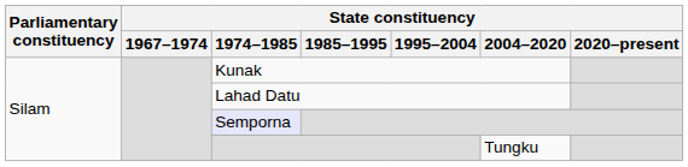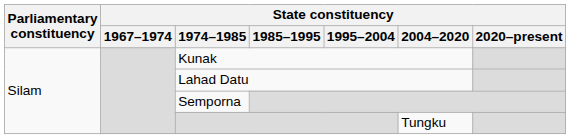 <table class=wikitable>
 <tr>
 <th rowspan=2>Parliamentary<br>constituency</th>
 <th colspan=6>State constituency</th>
 </tr>
 <tr>
 <th>1967–1974</th>
 <th>1974–1985</th>
 <th>1985–1995</th>
 <th>1995–2004</th>
 <th>2004–2020</th>
 <th>2020–present</th>
 </tr>
 <tr>
 <td rowspan="4">Silam</td>
 <td rowspan="4" bgcolor="dcdcdc"></td>
 <td colspan="4">Kunak</td>
 <td colspan=1 bgcolor=dcdcdc></td>
 </tr>
 <tr>
 <td colspan=4>Lahad Datu</td>
 <td bgcolor="dcdcdc"></td>
 </tr>
 <tr>
-<td style="background: lavender;">Semporna</td>
+<td>Semporna</td>
 <td colspan=4 bgcolor=dcdcdc></td>
 </tr>
 <tr>
 <td colspan=3 bgcolor=dcdcdc></td>
 <td>Tungku</td>
 <td bgcolor="dcdcdc"></td>
 </tr>
 </table>
